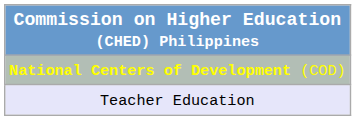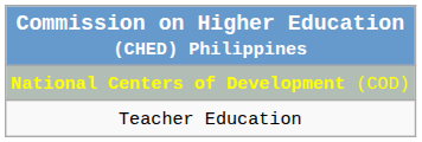 <table class="wikitable floatright">
 <tr style="color:white; background:#6699CC; text-align:center;">
 <td><strong>Commission on Higher Education <br> <small>(CHED) Philippines</small></strong></td>
 </tr>
 <tr style="color:yellow; background:#B2BEB5; text-align:center;">
 <td><small> <strong>National Centers of Development</strong> (COD)</small></td>
 </tr>
 <tr>
-<td style="background: lavender; text-align:center;"><small> Teacher Education </small></td>
+<td style="text-align:center;"><small> Teacher Education </small></td>
 </tr>
 </table>
